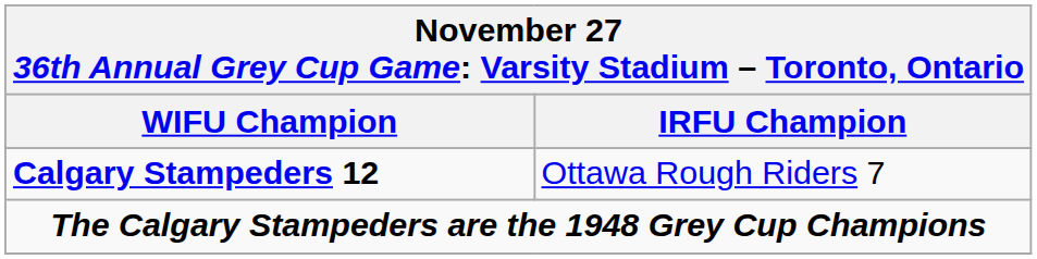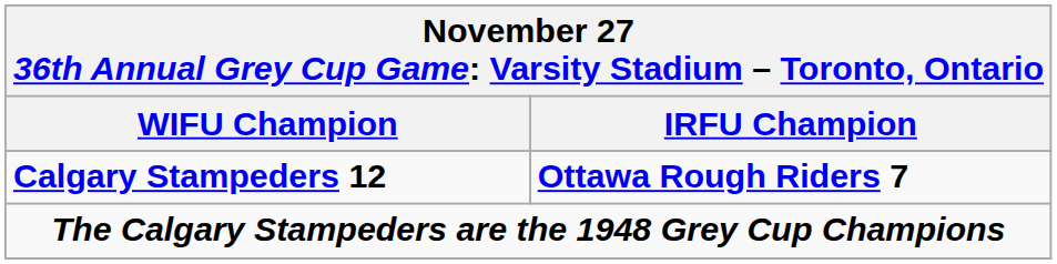 <table class="wikitable">
 <tr>
 <th bgcolor="#DDDDDD" colspan="4">November 27<br><em><a href='#'>36th Annual Grey Cup Game</a></em>: <a href='#'>Varsity Stadium</a> – <a href='#'>Toronto, Ontario</a></th>
 </tr>
 <tr>
 <th><a href='#'>WIFU Champion</a></th>
 <th><a href='#'>IRFU Champion</a></th>
 </tr>
 <tr>
 <td><strong><a href='#'>Calgary Stampeders</a> 12</strong></td>
-<td><a href='#'>Ottawa Rough Riders</a> 7</td>
+<td><strong><a href='#'>Ottawa Rough Riders</a> 7</strong></td>
 </tr>
 <tr>
 <td align="center" colspan="4"><strong><em>The Calgary Stampeders are the 1948 Grey Cup Champions</em></strong></td>
 </tr>
 <tr>
 </tr>
 </table>
